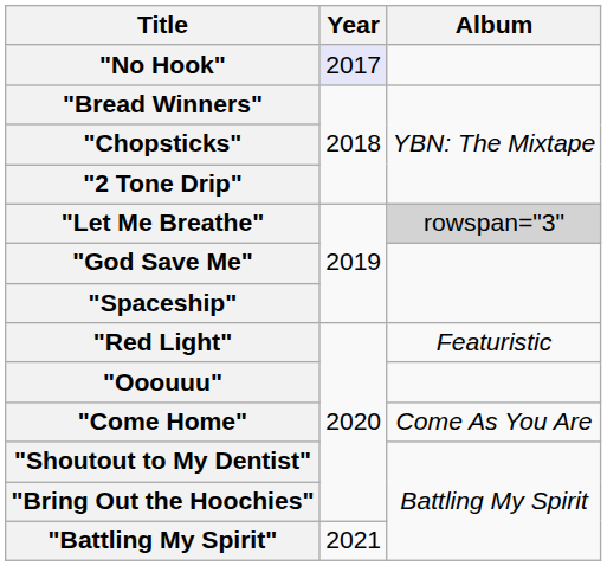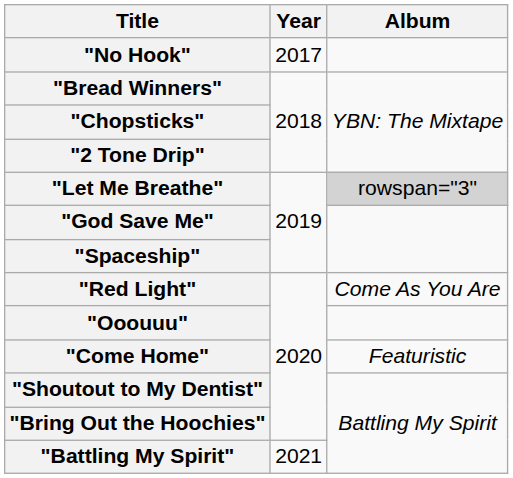 <table class="wikitable plainrowheaders" style="text-align: center;">
 <tr>
 <th>Title</th>
 <th>Year</th>
 <th>Album</th>
 </tr>
 <tr>
 <th scope="row">"No Hook"<br></th>
-<td style="background: lavender;">2017</td>
+<td>2017</td>
 <td></td>
 </tr>
 <tr>
 <th scope="row">"Bread Winners"<br></th>
 <td rowspan="3">2018</td>
 <td rowspan="3"><em>YBN: The Mixtape</em></td>
 </tr>
 <tr>
 <th scope="row">"Chopsticks"<br></th>
 </tr>
 <tr>
 <th scope="row">"2 Tone Drip"</th>
 </tr>
 <tr>
 <th scope="row">"Let Me Breathe"</th>
 <td rowspan="3">2019</td>
 <td style="background: lightgrey;">rowspan="3" </td>
 </tr>
 <tr>
 <th scope="row">"God Save Me"</th>
 </tr>
 <tr>
 <th scope="row">"Spaceship"</th>
 </tr>
 <tr>
 <th scope="row">"Red Light"<br></th>
 <td rowspan="5">2020</td>
-<td><em>Featuristic</em></td>
+<td><em>Come As You Are</em></td>
 </tr>
 <tr>
 <th scope="row">"Ooouuu"<br></th>
 <td></td>
 </tr>
 <tr>
 <th scope="row">"Come Home"<br></th>
-<td><em>Come As You Are</em></td>
+<td><em>Featuristic</em></td>
 </tr>
 <tr>
 <th scope="row">"Shoutout to My Dentist"</th>
 <td rowspan="3"><em>Battling My Spirit</em></td>
 </tr>
 <tr>
 <th scope="row">"Bring Out the Hoochies"</th>
 </tr>
 <tr>
 <th scope="row">"Battling My Spirit"</th>
 <td>2021</td>
 </tr>
 </table>
